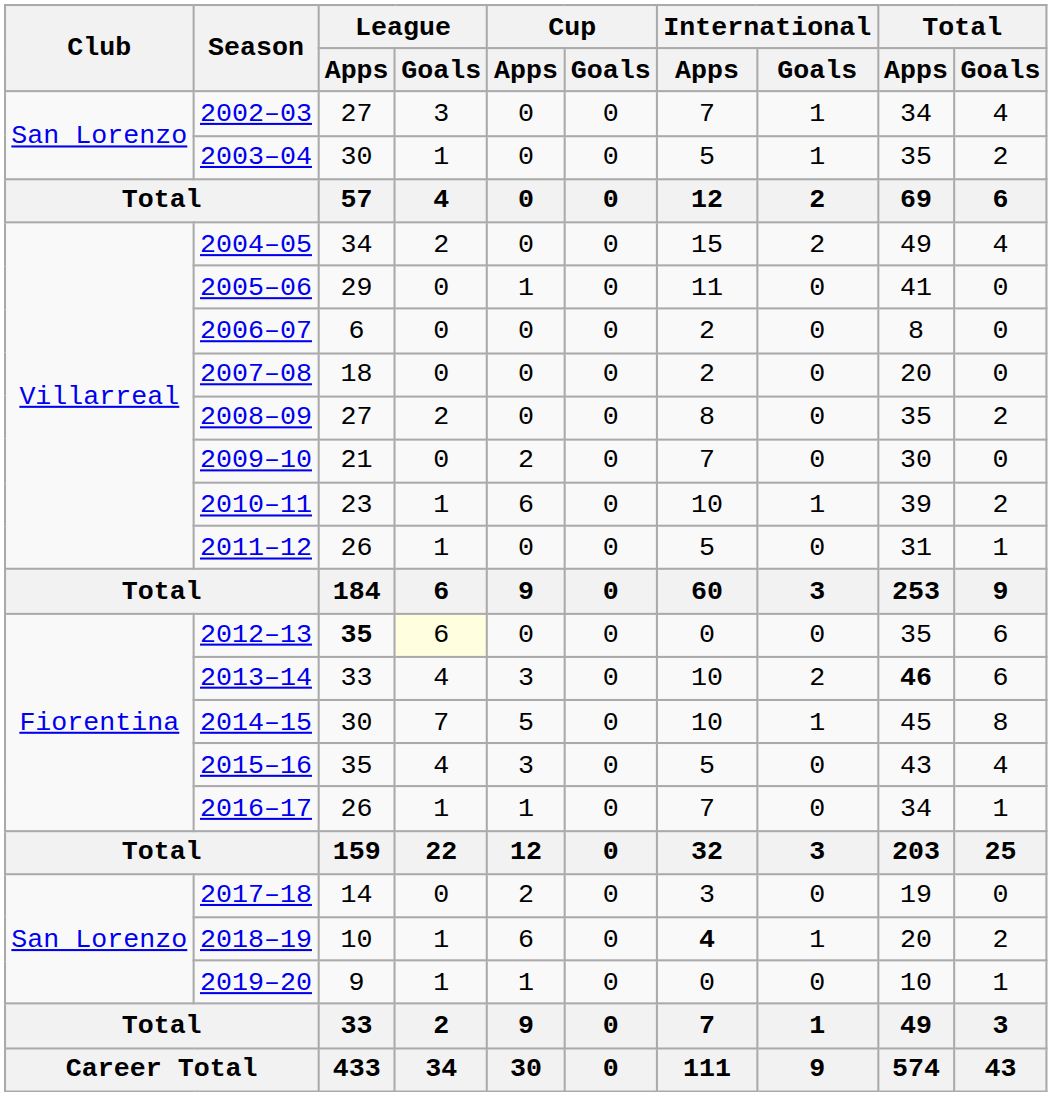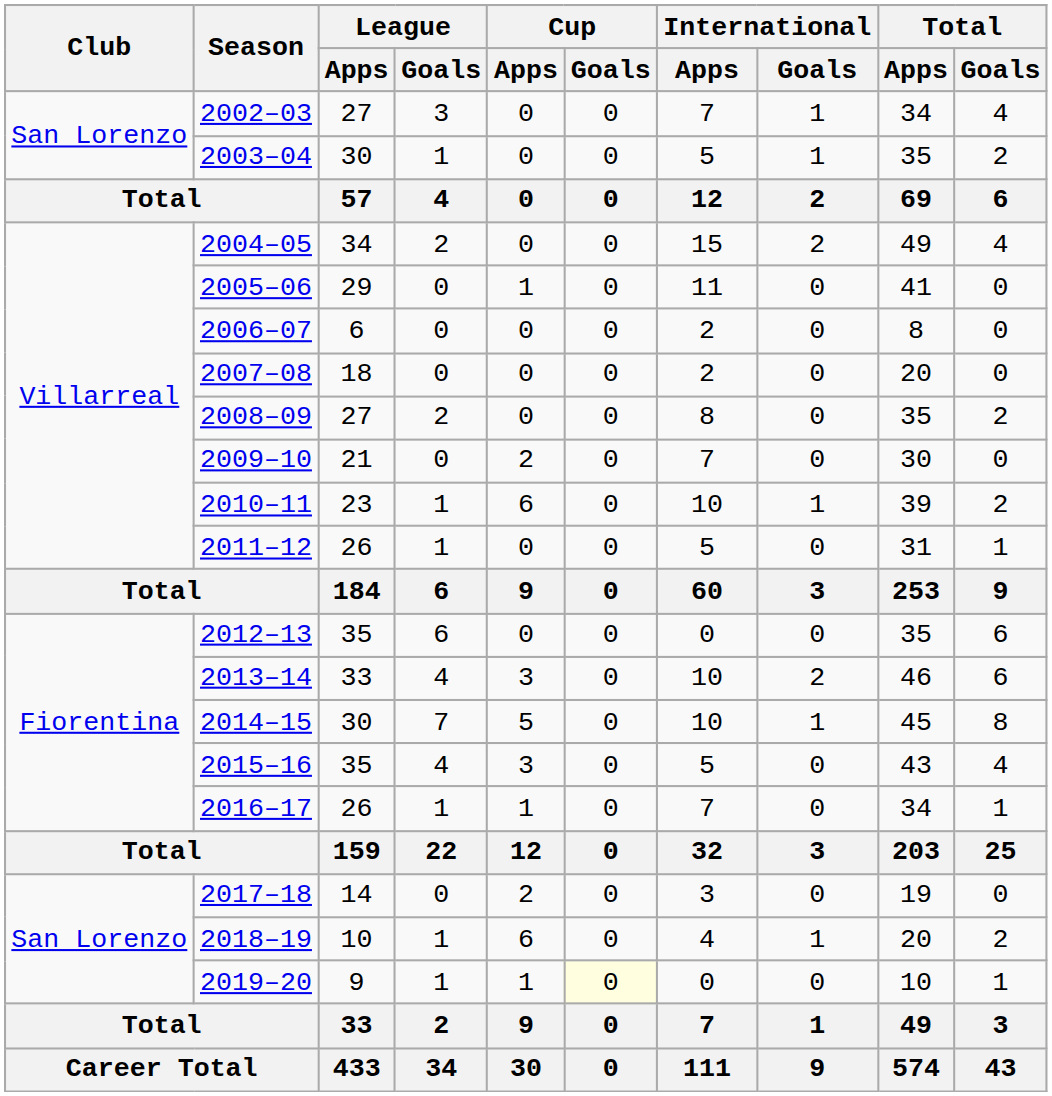 <table class="wikitable" style="text-align: center;">
 <tr>
 <th rowspan="2">Club</th>
 <th rowspan="2">Season</th>
 <th colspan="2">League</th>
 <th colspan="2">Cup</th>
 <th colspan="2">International</th>
 <th colspan="2">Total</th>
 </tr>
 <tr>
 <th>Apps</th>
 <th>Goals</th>
 <th>Apps</th>
 <th>Goals</th>
 <th>Apps</th>
 <th>Goals</th>
 <th>Apps</th>
 <th>Goals</th>
 </tr>
 <tr>
 <td rowspan="2" valign="center"><a href='#'>San Lorenzo</a></td>
 <td><a href='#'>2002–03</a></td>
 <td>27</td>
 <td>3</td>
 <td>0</td>
 <td>0</td>
 <td>7</td>
 <td>1</td>
 <td>34</td>
 <td>4</td>
 </tr>
 <tr>
 <td><a href='#'>2003–04</a></td>
 <td>30</td>
 <td>1</td>
 <td>0</td>
 <td>0</td>
 <td>5</td>
 <td>1</td>
 <td>35</td>
 <td>2</td>
 </tr>
 <tr>
 <th colspan="2"><strong>Total</strong></th>
 <th>57</th>
 <th>4</th>
 <th>0</th>
 <th>0</th>
 <th>12</th>
 <th>2</th>
 <th>69</th>
 <th>6</th>
 </tr>
 <tr>
 <td rowspan="8" valign="center"><a href='#'>Villarreal</a></td>
 <td><a href='#'>2004–05</a></td>
 <td>34</td>
 <td>2</td>
 <td>0</td>
 <td>0</td>
 <td>15</td>
 <td>2</td>
 <td>49</td>
 <td>4</td>
 </tr>
 <tr>
 <td><a href='#'>2005–06</a></td>
 <td>29</td>
 <td>0</td>
 <td>1</td>
 <td>0</td>
 <td>11</td>
 <td>0</td>
 <td>41</td>
 <td>0</td>
 </tr>
 <tr>
 <td><a href='#'>2006–07</a></td>
 <td>6</td>
 <td>0</td>
 <td>0</td>
 <td>0</td>
 <td>2</td>
 <td>0</td>
 <td>8</td>
 <td>0</td>
 </tr>
 <tr>
 <td><a href='#'>2007–08</a></td>
 <td>18</td>
 <td>0</td>
 <td>0</td>
 <td>0</td>
 <td>2</td>
 <td>0</td>
 <td>20</td>
 <td>0</td>
 </tr>
 <tr>
 <td><a href='#'>2008–09</a></td>
 <td>27</td>
 <td>2</td>
 <td>0</td>
 <td>0</td>
 <td>8</td>
 <td>0</td>
 <td>35</td>
 <td>2</td>
 </tr>
 <tr>
 <td><a href='#'>2009–10</a></td>
 <td>21</td>
 <td>0</td>
 <td>2</td>
 <td>0</td>
 <td>7</td>
 <td>0</td>
 <td>30</td>
 <td>0</td>
 </tr>
 <tr>
 <td><a href='#'>2010–11</a></td>
 <td>23</td>
 <td>1</td>
 <td>6</td>
 <td>0</td>
 <td>10</td>
 <td>1</td>
 <td>39</td>
 <td>2</td>
 </tr>
 <tr>
 <td><a href='#'>2011–12</a></td>
 <td>26</td>
 <td>1</td>
 <td>0</td>
 <td>0</td>
 <td>5</td>
 <td>0</td>
 <td>31</td>
 <td>1</td>
 </tr>
 <tr>
 <th colspan="2"><strong>Total</strong></th>
 <th>184</th>
 <th>6</th>
 <th>9</th>
 <th>0</th>
 <th>60</th>
 <th>3</th>
 <th>253</th>
 <th>9</th>
 </tr>
 <tr>
 <td rowspan="5" valign="center"><a href='#'>Fiorentina</a></td>
 <td><a href='#'>2012–13</a></td>
-<td><strong>35</strong></td>
-<td style="background: lightyellow;">6</td>
+<td>35</td>
+<td>6</td>
 <td>0</td>
 <td>0</td>
 <td>0</td>
 <td>0</td>
 <td>35</td>
 <td>6</td>
 </tr>
 <tr>
 <td><a href='#'>2013–14</a></td>
 <td>33</td>
 <td>4</td>
 <td>3</td>
 <td>0</td>
 <td>10</td>
 <td>2</td>
-<td><strong>46</strong></td>
+<td>46</td>
 <td>6</td>
 </tr>
 <tr>
 <td><a href='#'>2014–15</a></td>
 <td>30</td>
 <td>7</td>
 <td>5</td>
 <td>0</td>
 <td>10</td>
 <td>1</td>
 <td>45</td>
 <td>8</td>
 </tr>
 <tr>
 <td><a href='#'>2015–16</a></td>
 <td>35</td>
 <td>4</td>
 <td>3</td>
 <td>0</td>
 <td>5</td>
 <td>0</td>
 <td>43</td>
 <td>4</td>
 </tr>
 <tr>
 <td><a href='#'>2016–17</a></td>
 <td>26</td>
 <td>1</td>
 <td>1</td>
 <td>0</td>
 <td>7</td>
 <td>0</td>
 <td>34</td>
 <td>1</td>
 </tr>
 <tr>
 <th colspan="2"><strong>Total</strong></th>
 <th>159</th>
 <th>22</th>
 <th>12</th>
 <th>0</th>
 <th>32</th>
 <th>3</th>
 <th>203</th>
 <th>25</th>
 </tr>
 <tr>
 <td rowspan="3" valign="center"><a href='#'>San Lorenzo</a></td>
 <td><a href='#'>2017–18</a></td>
 <td>14</td>
 <td>0</td>
 <td>2</td>
 <td>0</td>
 <td>3</td>
 <td>0</td>
 <td>19</td>
 <td>0</td>
 </tr>
 <tr>
 <td><a href='#'>2018–19</a></td>
 <td>10</td>
 <td>1</td>
 <td>6</td>
 <td>0</td>
-<td><strong>4</strong></td>
+<td>4</td>
 <td>1</td>
 <td>20</td>
 <td>2</td>
 </tr>
 <tr>
 <td><a href='#'>2019–20</a></td>
 <td>9</td>
 <td>1</td>
 <td>1</td>
-<td>0</td>
+<td style="background: lightyellow;">0</td>
 <td>0</td>
 <td>0</td>
 <td>10</td>
 <td>1</td>
 </tr>
 <tr>
 <th colspan="2"><strong>Total</strong></th>
 <th>33</th>
 <th>2</th>
 <th>9</th>
 <th>0</th>
 <th>7</th>
 <th>1</th>
 <th>49</th>
 <th>3</th>
 </tr>
 <tr>
 <th colspan="2"><strong>Career Total</strong></th>
 <th>433</th>
 <th>34</th>
 <th>30</th>
 <th>0</th>
 <th>111</th>
 <th>9</th>
 <th>574</th>
 <th>43</th>
 </tr>
 </table>
